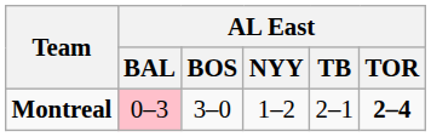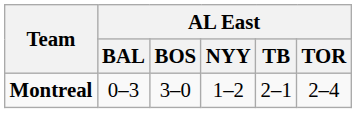 <table class="wikitable" style="text-align:center; font-size: 95%;">
 <tr>
 <th rowspan=2>Team</th>
 <th colspan=5>AL East</th>
 </tr>
 <tr>
 <th><strong>BAL</strong></th>
 <th><strong>BOS</strong></th>
 <th><strong>NYY</strong></th>
 <th><strong>TB</strong></th>
 <th><strong>TOR</strong></th>
 </tr>
 <tr>
 <td><strong>Montreal</strong></td>
-<td style="background: pink;">0–3</td>
+<td>0–3</td>
 <td>3–0</td>
 <td>1–2</td>
 <td>2–1</td>
-<td><strong>2–4</strong></td>
+<td>2–4</td>
 </tr>
 </table>
